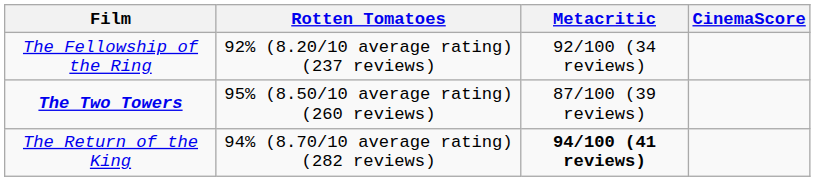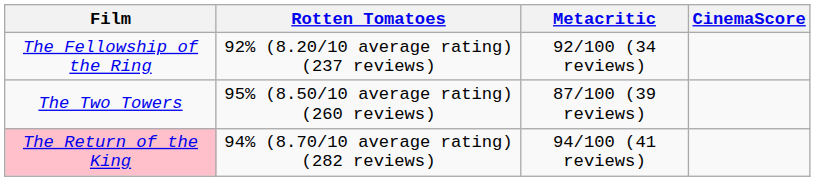 <table class="wikitable sortable plainrowheaders" style="text-align:center;">
 <tr>
 <th>Film</th>
 <th><a href='#'>Rotten Tomatoes</a></th>
 <th><a href='#'>Metacritic</a></th>
 <th><a href='#'>CinemaScore</a></th>
 </tr>
 <tr>
 <td><em><a href='#'>The Fellowship of the Ring</a></em></td>
 <td>92% (8.20/10 average rating) (237 reviews)</td>
 <td>92/100 (34 reviews)</td>
 <td></td>
 </tr>
 <tr>
-<td><strong><em><a href='#'>The Two Towers</a></em></strong></td>
+<td><em><a href='#'>The Two Towers</a></em></td>
 <td>95% (8.50/10 average rating) (260 reviews)</td>
 <td>87/100 (39 reviews)</td>
 <td></td>
 </tr>
 <tr>
-<td><em><a href='#'>The Return of the King</a></em></td>
+<td style="background: pink;"><em><a href='#'>The Return of the King</a></em></td>
 <td>94% (8.70/10 average rating) (282 reviews)</td>
-<td><strong>94/100 (41 reviews)</strong></td>
+<td>94/100 (41 reviews)</td>
 <td></td>
 </tr>
 </table>
